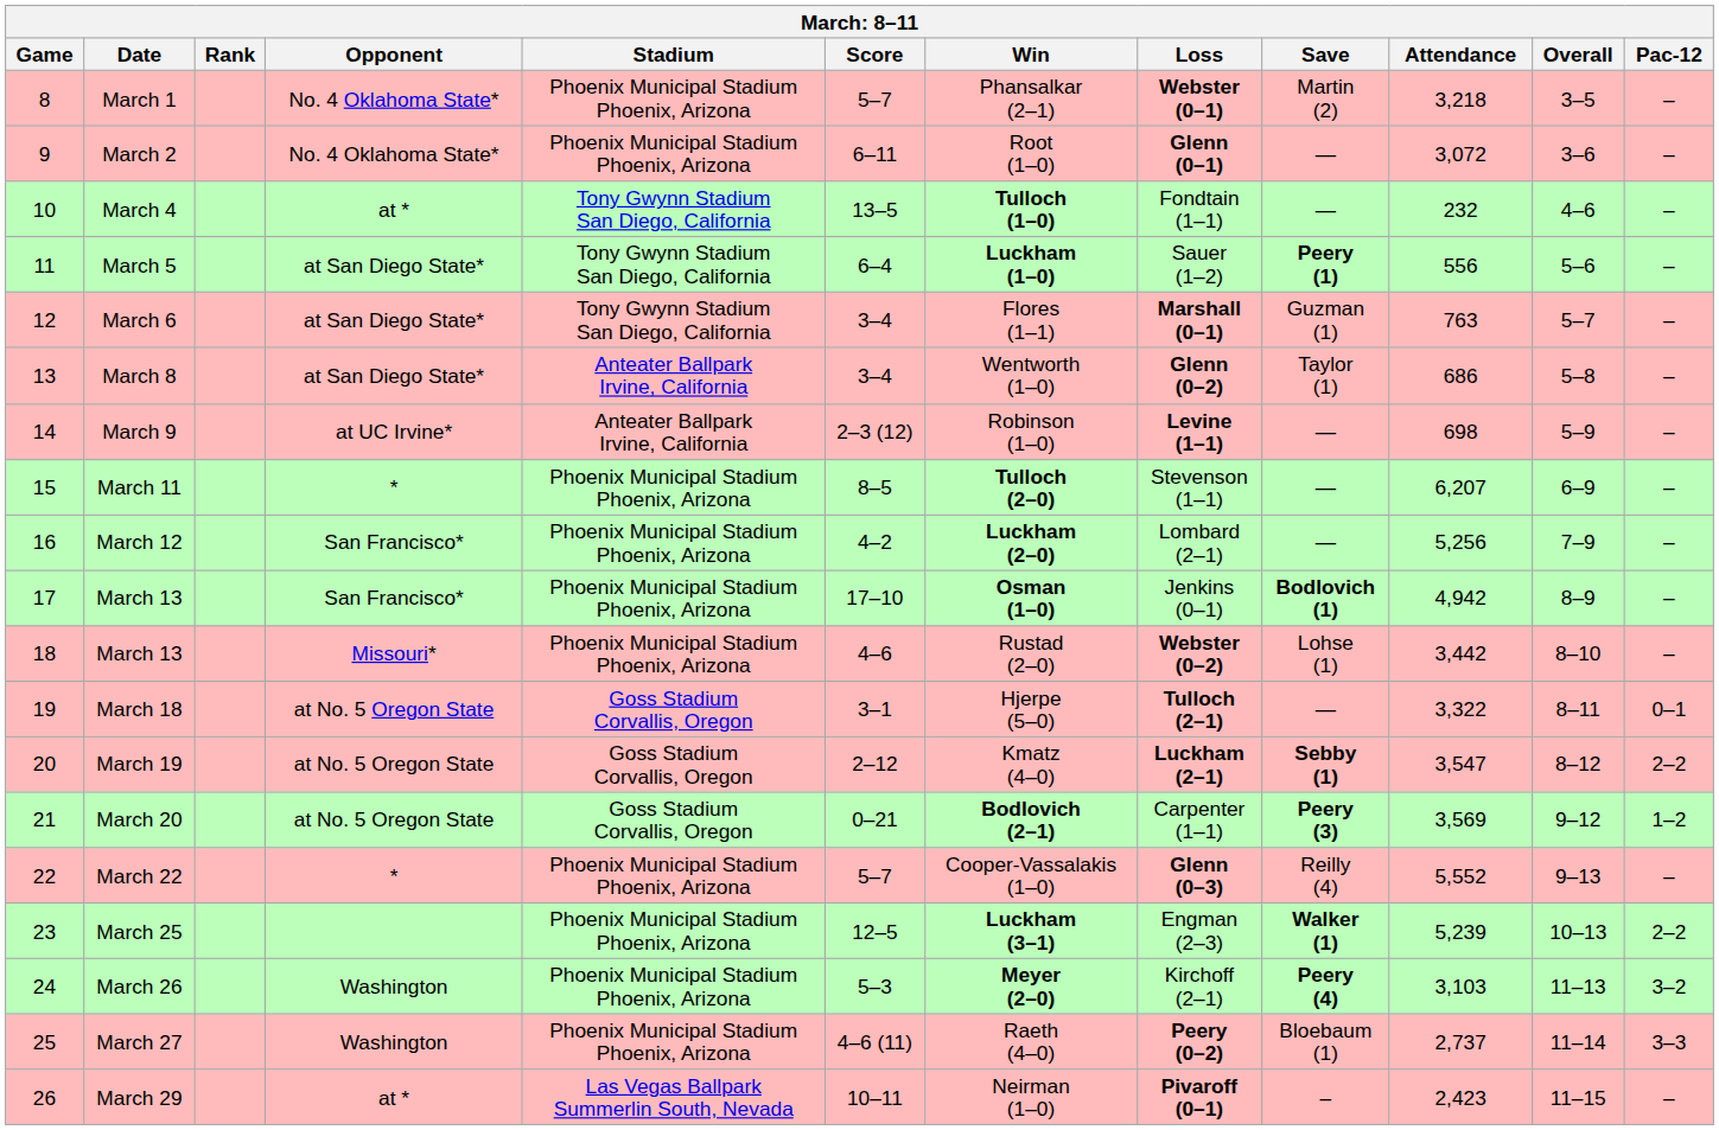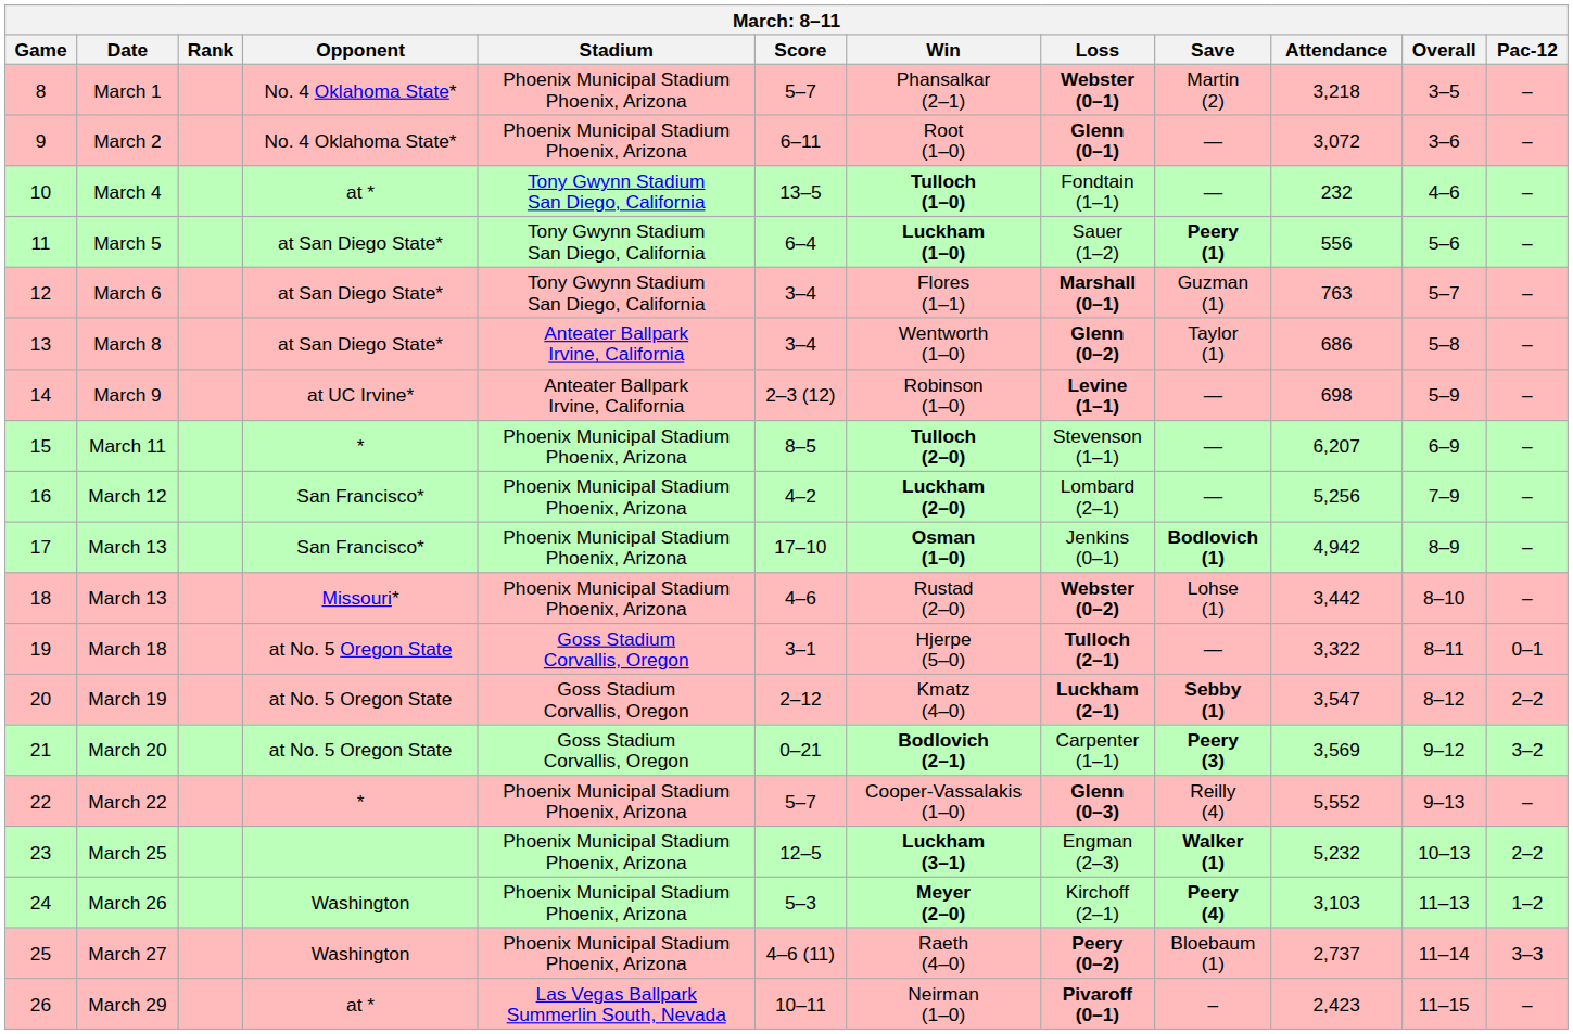 <table class="wikitable collapsible collapsed" style="margin:auto; width:100%; text-align:center; font-size:95%">
 <tr>
 <th colspan=12>March: 8–11</th>
 </tr>
 <tr>
 <th>Game</th>
 <th>Date</th>
 <th>Rank</th>
 <th>Opponent</th>
 <th>Stadium</th>
 <th>Score</th>
 <th>Win</th>
 <th>Loss</th>
 <th>Save</th>
 <th>Attendance</th>
 <th>Overall</th>
 <th>Pac-12</th>
 </tr>
 <tr style="background:#fbb;">
 <td>8</td>
 <td>March 1</td>
 <td></td>
 <td>No. 4 <a href='#'>Oklahoma State</a>*</td>
 <td>Phoenix Municipal Stadium<br>Phoenix, Arizona</td>
 <td>5–7</td>
 <td>Phansalkar<br>(2–1)</td>
 <td><strong>Webster<br>(0–1)</strong></td>
 <td>Martin<br>(2)</td>
 <td>3,218</td>
 <td>3–5</td>
 <td>–</td>
 </tr>
 <tr style="background:#fbb;">
 <td>9</td>
 <td>March 2</td>
 <td></td>
 <td>No. 4 Oklahoma State*</td>
 <td>Phoenix Municipal Stadium<br>Phoenix, Arizona</td>
 <td>6–11</td>
 <td>Root<br>(1–0)</td>
 <td><strong>Glenn<br>(0–1)</strong></td>
 <td>—</td>
 <td>3,072</td>
 <td>3–6</td>
 <td>–</td>
 </tr>
 <tr style="background:#bfb;">
 <td>10</td>
 <td>March 4</td>
 <td></td>
 <td>at *</td>
 <td><a href='#'>Tony Gwynn Stadium</a><br><a href='#'>San Diego, California</a></td>
 <td>13–5</td>
 <td><strong>Tulloch<br>(1–0)</strong></td>
 <td>Fondtain<br>(1–1)</td>
 <td>—</td>
 <td>232</td>
 <td>4–6</td>
 <td>–</td>
 </tr>
 <tr style="background:#bfb;">
 <td>11</td>
 <td>March 5</td>
 <td></td>
 <td>at San Diego State*</td>
 <td>Tony Gwynn Stadium<br>San Diego, California</td>
 <td>6–4</td>
 <td><strong>Luckham<br>(1–0)</strong></td>
 <td>Sauer<br>(1–2)</td>
 <td><strong>Peery<br>(1)</strong></td>
 <td>556</td>
 <td>5–6</td>
 <td>–</td>
 </tr>
 <tr style="background:#fbb;">
 <td>12</td>
 <td>March 6</td>
 <td></td>
 <td>at San Diego State*</td>
 <td>Tony Gwynn Stadium<br>San Diego, California</td>
 <td>3–4</td>
 <td>Flores<br>(1–1)</td>
 <td><strong>Marshall<br>(0–1)</strong></td>
 <td>Guzman<br>(1)</td>
 <td>763</td>
 <td>5–7</td>
 <td>–</td>
 </tr>
 <tr style="background:#fbb;">
 <td>13</td>
 <td>March 8</td>
 <td></td>
 <td>at San Diego State*</td>
 <td><a href='#'>Anteater Ballpark</a><br><a href='#'>Irvine, California</a></td>
 <td>3–4</td>
 <td>Wentworth<br>(1–0)</td>
 <td><strong>Glenn<br>(0–2)</strong></td>
 <td>Taylor<br>(1)</td>
 <td>686</td>
 <td>5–8</td>
 <td>–</td>
 </tr>
 <tr style="background:#fbb;">
 <td>14</td>
 <td>March 9</td>
 <td></td>
 <td>at UC Irvine*</td>
 <td>Anteater Ballpark<br>Irvine, California</td>
 <td>2–3 (12)</td>
 <td>Robinson<br>(1–0)</td>
 <td><strong>Levine<br>(1–1)</strong></td>
 <td>—</td>
 <td>698</td>
 <td>5–9</td>
 <td>–</td>
 </tr>
 <tr style="background:#bfb;">
 <td>15</td>
 <td>March 11</td>
 <td></td>
 <td>*</td>
 <td>Phoenix Municipal Stadium<br>Phoenix, Arizona</td>
 <td>8–5</td>
 <td><strong>Tulloch<br>(2–0)</strong></td>
 <td>Stevenson<br>(1–1)</td>
 <td>—</td>
 <td>6,207</td>
 <td>6–9</td>
 <td>–</td>
 </tr>
 <tr style="background:#bfb;">
 <td>16</td>
 <td>March 12</td>
 <td></td>
 <td>San Francisco*</td>
 <td>Phoenix Municipal Stadium<br>Phoenix, Arizona</td>
 <td>4–2</td>
 <td><strong>Luckham<br>(2–0)</strong></td>
 <td>Lombard<br>(2–1)</td>
 <td>—</td>
 <td>5,256</td>
 <td>7–9</td>
 <td>–</td>
 </tr>
 <tr style="background:#bfb;">
 <td>17</td>
 <td>March 13</td>
 <td></td>
 <td>San Francisco*</td>
 <td>Phoenix Municipal Stadium<br>Phoenix, Arizona</td>
 <td>17–10</td>
 <td><strong>Osman<br>(1–0)</strong></td>
 <td>Jenkins<br>(0–1)</td>
 <td><strong>Bodlovich<br>(1)</strong></td>
 <td>4,942</td>
 <td>8–9</td>
 <td>–</td>
 </tr>
 <tr style="background:#fbb;">
 <td>18</td>
 <td>March 13</td>
 <td></td>
 <td><a href='#'>Missouri</a>*</td>
 <td>Phoenix Municipal Stadium<br>Phoenix, Arizona</td>
 <td>4–6</td>
 <td>Rustad<br>(2–0)</td>
 <td><strong>Webster<br>(0–2)</strong></td>
 <td>Lohse<br>(1)</td>
 <td>3,442</td>
 <td>8–10</td>
 <td>–</td>
 </tr>
 <tr style="background:#fbb;">
 <td>19</td>
 <td>March 18</td>
 <td></td>
 <td>at No. 5 <a href='#'>Oregon State</a></td>
 <td><a href='#'>Goss Stadium</a><br><a href='#'>Corvallis, Oregon</a></td>
 <td>3–1</td>
 <td>Hjerpe<br>(5–0)</td>
 <td><strong>Tulloch<br>(2–1)</strong></td>
 <td>—</td>
 <td>3,322</td>
 <td>8–11</td>
 <td>0–1</td>
 </tr>
 <tr style="background:#fbb;">
 <td>20</td>
 <td>March 19</td>
 <td></td>
 <td>at No. 5 Oregon State</td>
 <td>Goss Stadium<br>Corvallis, Oregon</td>
 <td>2–12</td>
 <td>Kmatz<br>(4–0)</td>
 <td><strong>Luckham<br>(2–1)</strong></td>
 <td><strong>Sebby<br>(1)</strong></td>
 <td>3,547</td>
 <td>8–12</td>
 <td>2–2</td>
 </tr>
 <tr style="background:#bfb;">
 <td>21</td>
 <td>March 20</td>
 <td></td>
 <td>at No. 5 Oregon State</td>
 <td>Goss Stadium<br>Corvallis, Oregon</td>
 <td>0–21</td>
 <td><strong>Bodlovich<br>(2–1)</strong></td>
 <td>Carpenter<br>(1–1)</td>
 <td><strong>Peery<br>(3)</strong></td>
 <td>3,569</td>
 <td>9–12</td>
-<td>1–2</td>
+<td>3–2</td>
 </tr>
 <tr style="background:#fbb;">
 <td>22</td>
 <td>March 22</td>
 <td></td>
 <td>*</td>
 <td>Phoenix Municipal Stadium<br>Phoenix, Arizona</td>
 <td>5–7</td>
 <td>Cooper-Vassalakis<br>(1–0)</td>
 <td><strong>Glenn<br>(0–3)</strong></td>
 <td>Reilly<br>(4)</td>
 <td>5,552</td>
 <td>9–13</td>
 <td>–</td>
 </tr>
 <tr style="background:#bfb;">
 <td>23</td>
 <td>March 25</td>
 <td></td>
 <td></td>
 <td>Phoenix Municipal Stadium<br>Phoenix, Arizona</td>
 <td>12–5</td>
 <td><strong>Luckham<br>(3–1)</strong></td>
 <td>Engman<br>(2–3)</td>
 <td><strong>Walker<br>(1)</strong></td>
-<td>5,239</td>
+<td>5,232</td>
 <td>10–13</td>
 <td>2–2</td>
 </tr>
 <tr style="background:#bfb;">
 <td>24</td>
 <td>March 26</td>
 <td></td>
 <td>Washington</td>
 <td>Phoenix Municipal Stadium<br>Phoenix, Arizona</td>
 <td>5–3</td>
 <td><strong>Meyer<br>(2–0)</strong></td>
 <td>Kirchoff<br>(2–1)</td>
 <td><strong>Peery<br>(4)</strong></td>
 <td>3,103</td>
 <td>11–13</td>
-<td>3–2</td>
+<td>1–2</td>
 </tr>
 <tr style="background:#fbb;">
 <td>25</td>
 <td>March 27</td>
 <td></td>
 <td>Washington</td>
 <td>Phoenix Municipal Stadium<br>Phoenix, Arizona</td>
 <td>4–6 (11)</td>
 <td>Raeth<br>(4–0)</td>
 <td><strong>Peery<br>(0–2)</strong></td>
 <td>Bloebaum<br>(1)</td>
 <td>2,737</td>
 <td>11–14</td>
 <td>3–3</td>
 </tr>
 <tr style="background:#fbb;">
 <td>26</td>
 <td>March 29</td>
 <td></td>
 <td>at *</td>
 <td><a href='#'>Las Vegas Ballpark</a><br><a href='#'>Summerlin South, Nevada</a></td>
 <td>10–11</td>
 <td>Neirman<br>(1–0)</td>
 <td><strong>Pivaroff<br>(0–1)</strong></td>
 <td>–</td>
 <td>2,423</td>
 <td>11–15</td>
 <td>–</td>
 </tr>
 </table>
